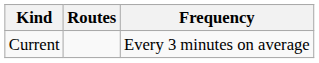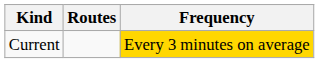 <table class="wikitable" style="margin-left: auto; margin-right: auto; border: none;">
 <tr>
 <th>Kind</th>
 <th>Routes</th>
 <th>Frequency</th>
 </tr>
 <tr>
 <td>Current</td>
 <td></td>
-<td>Every 3 minutes on average</td>
+<td style="background: gold;">Every 3 minutes on average</td>
 </tr>
 </table>
